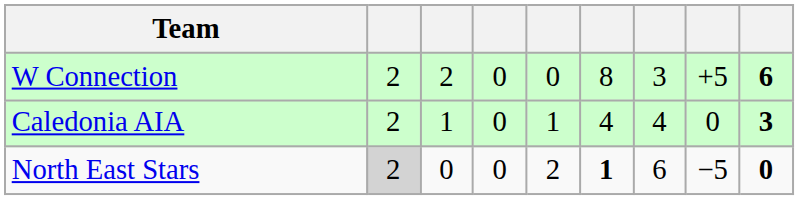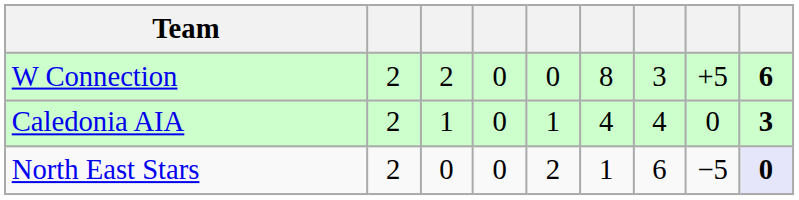 <table class="wikitable" style="text-align: center; font-size:90%;">
 <tr>
 <th width=175>Team</th>
 <th width=20></th>
 <th width=20></th>
 <th width=20></th>
 <th width=20></th>
 <th width=20></th>
 <th width=20></th>
 <th width=20></th>
 <th width=20></th>
 </tr>
 <tr bgcolor=ccffcc>
 <td align=left><a href='#'>W Connection</a></td>
 <td>2</td>
 <td>2</td>
 <td>0</td>
 <td>0</td>
 <td>8</td>
 <td>3</td>
 <td>+5</td>
 <td><strong>6</strong></td>
 </tr>
 <tr bgcolor=ccffcc>
 <td align=left><a href='#'>Caledonia AIA</a></td>
 <td>2</td>
 <td>1</td>
 <td>0</td>
 <td>1</td>
 <td>4</td>
 <td>4</td>
 <td>0</td>
 <td><strong>3</strong></td>
 </tr>
 <tr>
 <td align=left><a href='#'>North East Stars</a></td>
-<td style="background: lightgrey;">2</td>
+<td>2</td>
 <td>0</td>
 <td>0</td>
 <td>2</td>
-<td><strong>1</strong></td>
+<td>1</td>
 <td>6</td>
 <td>−5</td>
-<td><strong>0</strong></td>
+<td style="background: lavender;"><strong>0</strong></td>
 </tr>
 </table>
